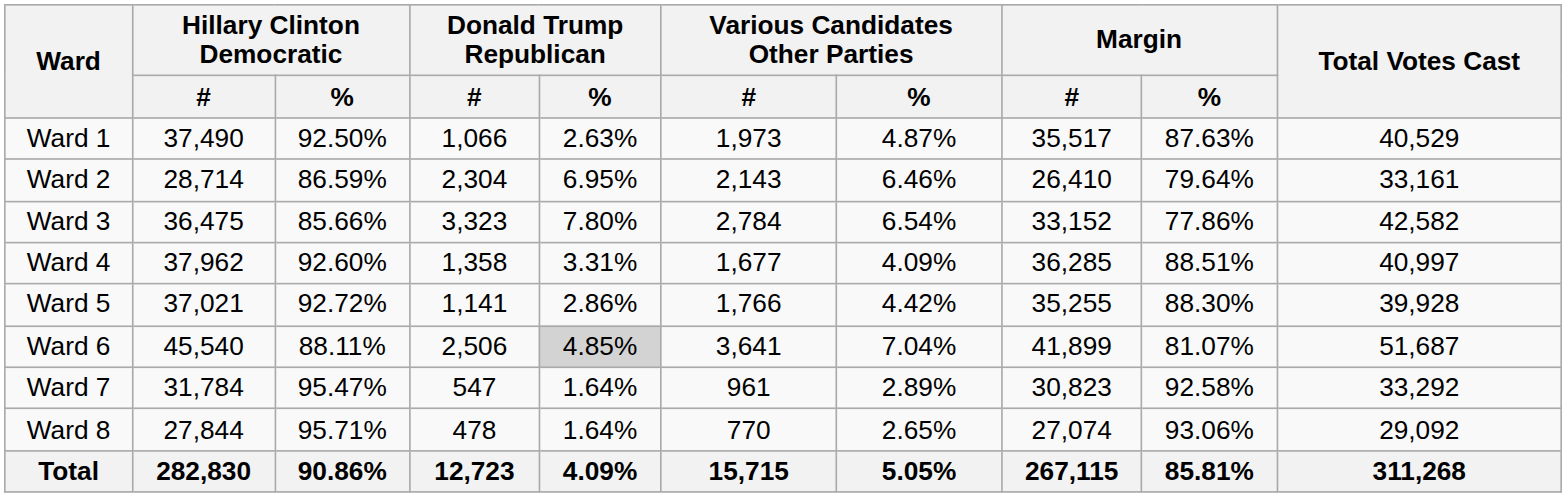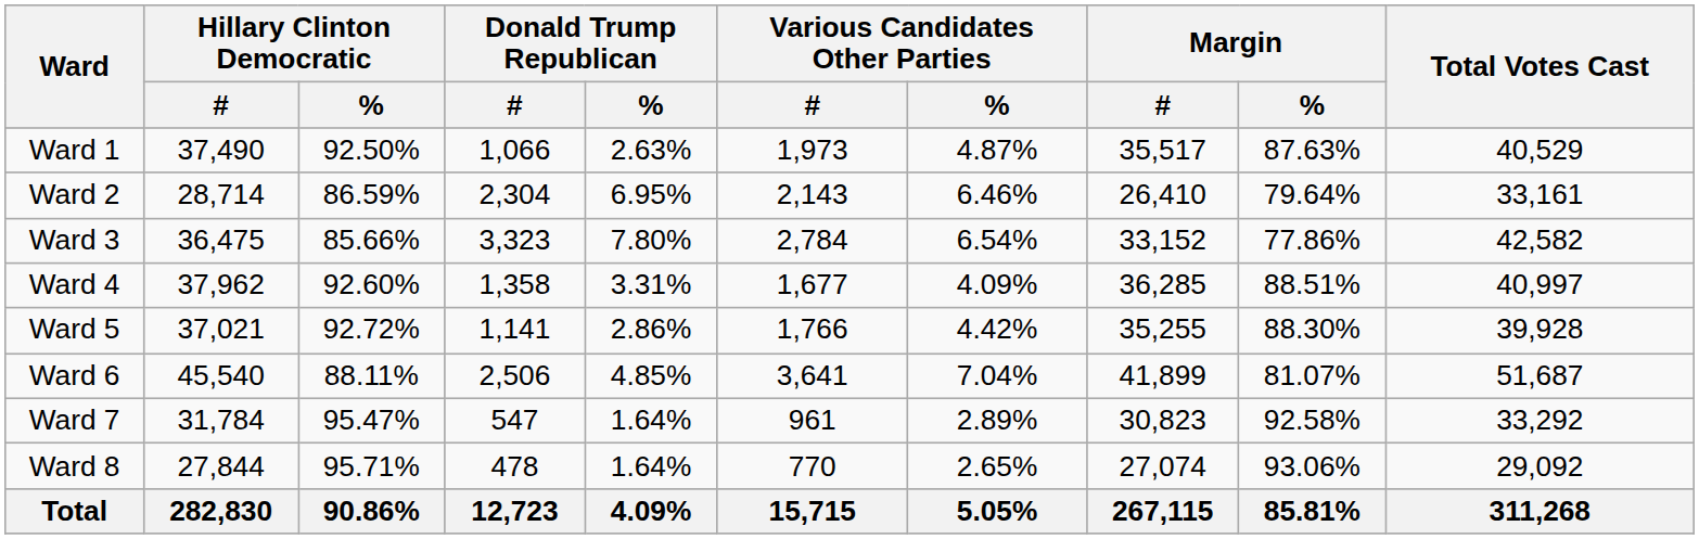 <table width="60%" class="wikitable sortable">
 <tr>
 <th rowspan="2">Ward</th>
 <th colspan="2">Hillary Clinton<br>Democratic</th>
 <th colspan="2">Donald Trump<br>Republican</th>
 <th colspan="2">Various Candidates<br>Other Parties</th>
 <th colspan="2">Margin</th>
 <th rowspan="2">Total Votes Cast</th>
 </tr>
 <tr>
 <th style="text-align:center;" data-sort-type="number">#</th>
 <th style="text-align:center;" data-sort-type="number">%</th>
 <th style="text-align:center;" data-sort-type="number">#</th>
 <th style="text-align:center;" data-sort-type="number">%</th>
 <th style="text-align:center;" data-sort-type="number">#</th>
 <th style="text-align:center;" data-sort-type="number">%</th>
 <th style="text-align:center;" data-sort-type="number">#</th>
 <th style="text-align:center;" data-sort-type="number">%</th>
 </tr>
 <tr style="text-align:center;">
 <td>Ward 1</td>
 <td>37,490</td>
 <td>92.50%</td>
 <td>1,066</td>
 <td>2.63%</td>
 <td>1,973</td>
 <td>4.87%</td>
 <td>35,517</td>
 <td>87.63%</td>
 <td>40,529</td>
 </tr>
 <tr style="text-align:center;">
 <td>Ward 2</td>
 <td>28,714</td>
 <td>86.59%</td>
 <td>2,304</td>
 <td>6.95%</td>
 <td>2,143</td>
 <td>6.46%</td>
 <td>26,410</td>
 <td>79.64%</td>
 <td>33,161</td>
 </tr>
 <tr style="text-align:center;">
 <td>Ward 3</td>
 <td>36,475</td>
 <td>85.66%</td>
 <td>3,323</td>
 <td>7.80%</td>
 <td>2,784</td>
 <td>6.54%</td>
 <td>33,152</td>
 <td>77.86%</td>
 <td>42,582</td>
 </tr>
 <tr style="text-align:center;">
 <td>Ward 4</td>
 <td>37,962</td>
 <td>92.60%</td>
 <td>1,358</td>
 <td>3.31%</td>
 <td>1,677</td>
 <td>4.09%</td>
 <td>36,285</td>
 <td>88.51%</td>
 <td>40,997</td>
 </tr>
 <tr style="text-align:center;">
 <td>Ward 5</td>
 <td>37,021</td>
 <td>92.72%</td>
 <td>1,141</td>
 <td>2.86%</td>
 <td>1,766</td>
 <td>4.42%</td>
 <td>35,255</td>
 <td>88.30%</td>
 <td>39,928</td>
 </tr>
 <tr style="text-align:center;">
 <td>Ward 6</td>
 <td>45,540</td>
 <td>88.11%</td>
 <td>2,506</td>
-<td style="background: lightgrey;">4.85%</td>
+<td>4.85%</td>
 <td>3,641</td>
 <td>7.04%</td>
 <td>41,899</td>
 <td>81.07%</td>
 <td>51,687</td>
 </tr>
 <tr style="text-align:center;">
 <td>Ward 7</td>
 <td>31,784</td>
 <td>95.47%</td>
 <td>547</td>
 <td>1.64%</td>
 <td>961</td>
 <td>2.89%</td>
 <td>30,823</td>
 <td>92.58%</td>
 <td>33,292</td>
 </tr>
 <tr style="text-align:center;">
 <td>Ward 8</td>
 <td>27,844</td>
 <td>95.71%</td>
 <td>478</td>
 <td>1.64%</td>
 <td>770</td>
 <td>2.65%</td>
 <td>27,074</td>
 <td>93.06%</td>
 <td>29,092</td>
 </tr>
 <tr style="text-align:center;">
 <th>Total</th>
 <th>282,830</th>
 <th>90.86%</th>
 <th>12,723</th>
 <th>4.09%</th>
 <th>15,715</th>
 <th>5.05%</th>
 <th>267,115</th>
 <th>85.81%</th>
 <th>311,268</th>
 </tr>
 </table>
